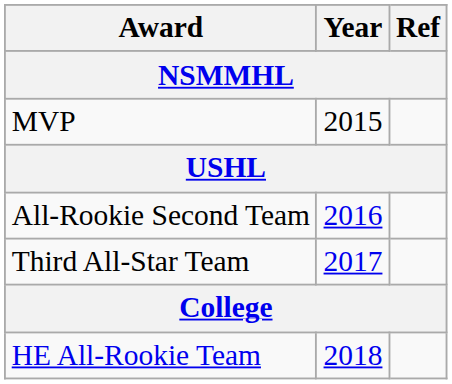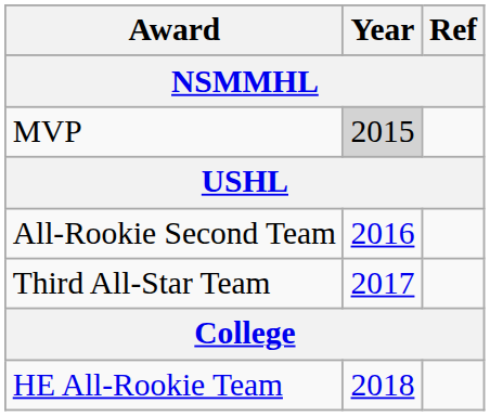 <table class="wikitable">
 <tr>
 <th>Award</th>
 <th>Year</th>
 <th>Ref</th>
 </tr>
 <tr>
 <th colspan="3"><a href='#'>NSMMHL</a></th>
 </tr>
 <tr>
 <td>MVP</td>
-<td>2015</td>
+<td style="background: lightgrey;">2015</td>
 <td></td>
 </tr>
 <tr>
 <th colspan="3"><a href='#'>USHL</a></th>
 </tr>
 <tr>
 <td>All-Rookie Second Team</td>
 <td><a href='#'>2016</a></td>
 <td></td>
 </tr>
 <tr>
 <td>Third All-Star Team</td>
 <td><a href='#'>2017</a></td>
 <td></td>
 </tr>
 <tr>
 <th colspan="3"><a href='#'>College</a></th>
 </tr>
 <tr>
 <td><a href='#'>HE All-Rookie Team</a></td>
 <td><a href='#'>2018</a></td>
 <td></td>
 </tr>
 </table>
